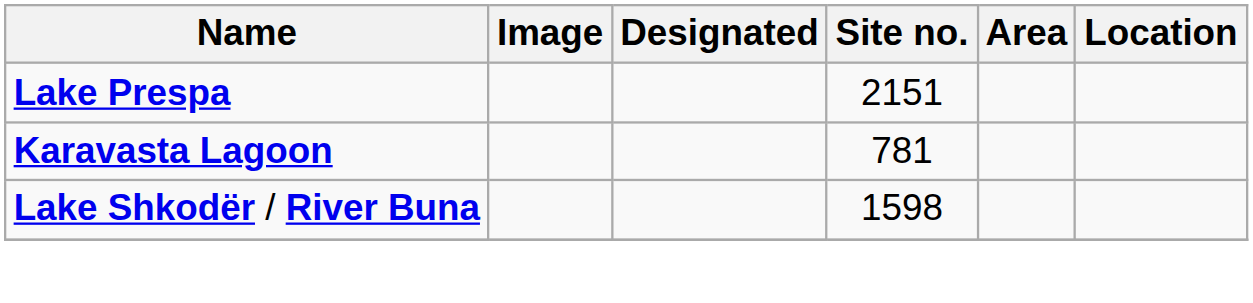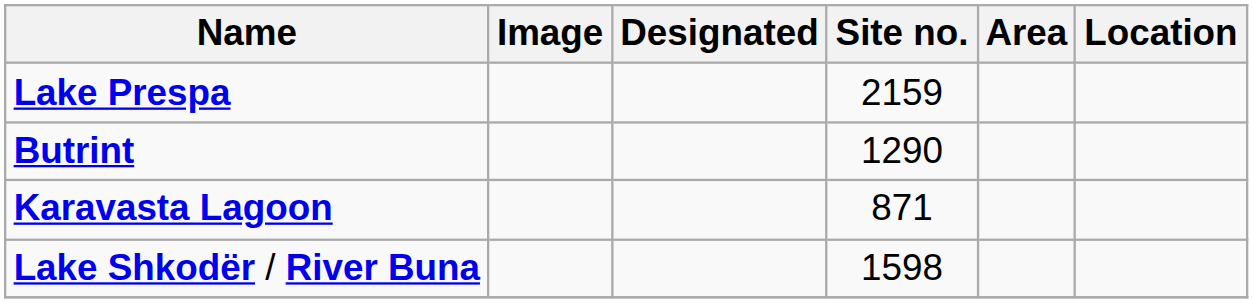 <table class="wikitable">
 <tr>
 <th style="background-color:"><strong>Name</strong></th>
 <th style="background-color:"><strong>Image</strong></th>
 <th style="background-color:"><strong>Designated</strong></th>
 <th style="background-color:"><strong>Site no.</strong></th>
 <th style="background-color:"><strong>Area</strong></th>
 <th style="background-color:"><strong>Location</strong></th>
 </tr>
 <tr>
 <td><strong><a href='#'>Lake Prespa</a></strong></td>
 <td></td>
 <td></td>
-<td align="center">2151</td>
+<td align="center">2159</td>
+<td></td>
+<td></td>
+</tr>
+<tr>
+<td><strong><a href='#'>Butrint</a></strong></td>
+<td align="center"></td>
+<td></td>
+<td align="center">1290</td>
 <td></td>
 <td></td>
 </tr>
 <tr>
 <td><strong><a href='#'>Karavasta Lagoon</a></strong></td>
 <td></td>
 <td></td>
-<td align="center">781</td>
+<td align="center">871</td>
 <td></td>
 <td></td>
 </tr>
 <tr>
 <td><strong><a href='#'>Lake Shkodër</a></strong> / <strong><a href='#'>River Buna</a></strong></td>
 <td align="center"></td>
 <td></td>
 <td align="center">1598</td>
 <td></td>
 <td></td>
 </tr>
 <tr>
 </tr>
 </table>
